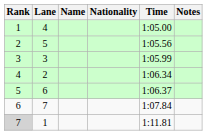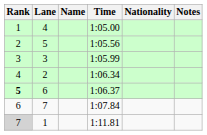 <table class="wikitable sortable" style="text-align:center">
 <tr>
 <th>Rank</th>
 <th>Lane</th>
 <th>Name</th>
+<th>Time</th>
 <th>Nationality</th>
-<th>Time</th>
 <th>Notes</th>
 </tr>
 <tr bgcolor=ccffcc>
 <td>1</td>
 <td>4</td>
 <td align=left></td>
+<td>1:05.00</td>
 <td align=left></td>
-<td>1:05.00</td>
 <td><strong></strong></td>
 </tr>
 <tr bgcolor=ccffcc>
 <td>2</td>
 <td>5</td>
 <td align=left></td>
+<td>1:05.56</td>
 <td align=left></td>
-<td>1:05.56</td>
 <td><strong></strong></td>
 </tr>
 <tr bgcolor=ccffcc>
 <td>3</td>
 <td>3</td>
 <td align=left></td>
+<td>1:05.99</td>
 <td align=left></td>
-<td>1:05.99</td>
 <td><strong></strong></td>
 </tr>
 <tr bgcolor=ccffcc>
 <td>4</td>
 <td>2</td>
 <td align=left></td>
+<td>1:06.34</td>
 <td align=left></td>
-<td>1:06.34</td>
 <td><strong></strong></td>
 </tr>
 <tr bgcolor=ccffcc>
-<td>5</td>
+<td><strong>5</strong></td>
 <td>6</td>
 <td align=left></td>
+<td>1:06.37</td>
 <td align=left></td>
-<td>1:06.37</td>
 <td><strong></strong></td>
 </tr>
 <tr>
 <td>6</td>
 <td>7</td>
 <td align=left></td>
+<td>1:07.84</td>
 <td align=left></td>
-<td>1:07.84</td>
 <td></td>
 </tr>
 <tr>
 <td style="background: lightgrey;">7</td>
 <td>1</td>
 <td align=left></td>
+<td>1:11.81</td>
 <td align=left></td>
-<td>1:11.81</td>
 <td></td>
 </tr>
 </table>
